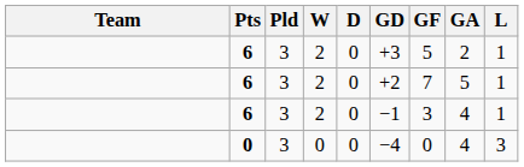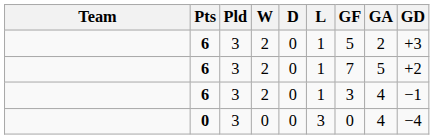 <table class="wikitable" style="text-align:center;">
 <tr>
 <th width=175>Team</th>
 <th width=20 abbr="Points">Pts</th>
 <th width=20 abbr="Played">Pld</th>
 <th width=20 abbr="Won">W</th>
 <th width=20 abbr="Drawn">D</th>
-<th width=20 abbr="Goal difference">GD</th>
+<th width=20 abbr="Lost">L</th>
 <th width=20 abbr="Goals for">GF</th>
 <th width=20 abbr="Goals against">GA</th>
-<th width=20 abbr="Lost">L</th>
+<th width=20 abbr="Goal difference">GD</th>
 </tr>
 <tr>
 <td style="text-align:left;"></td>
 <td><strong>6</strong></td>
 <td>3</td>
 <td>2</td>
 <td>0</td>
-<td>+3</td>
+<td>1</td>
 <td>5</td>
 <td>2</td>
-<td>1</td>
+<td>+3</td>
 </tr>
 <tr>
 <td style="text-align:left;"></td>
 <td><strong>6</strong></td>
 <td>3</td>
 <td>2</td>
 <td>0</td>
-<td>+2</td>
+<td>1</td>
 <td>7</td>
 <td>5</td>
-<td>1</td>
+<td>+2</td>
 </tr>
 <tr>
 <td style="text-align:left;"></td>
 <td><strong>6</strong></td>
 <td>3</td>
 <td>2</td>
 <td>0</td>
-<td>−1</td>
+<td>1</td>
 <td>3</td>
 <td>4</td>
-<td>1</td>
+<td>−1</td>
 </tr>
 <tr>
 <td style="text-align:left;"></td>
 <td><strong>0</strong></td>
 <td>3</td>
 <td>0</td>
 <td>0</td>
-<td>−4</td>
+<td>3</td>
 <td>0</td>
 <td>4</td>
-<td>3</td>
+<td>−4</td>
 </tr>
 </table>
